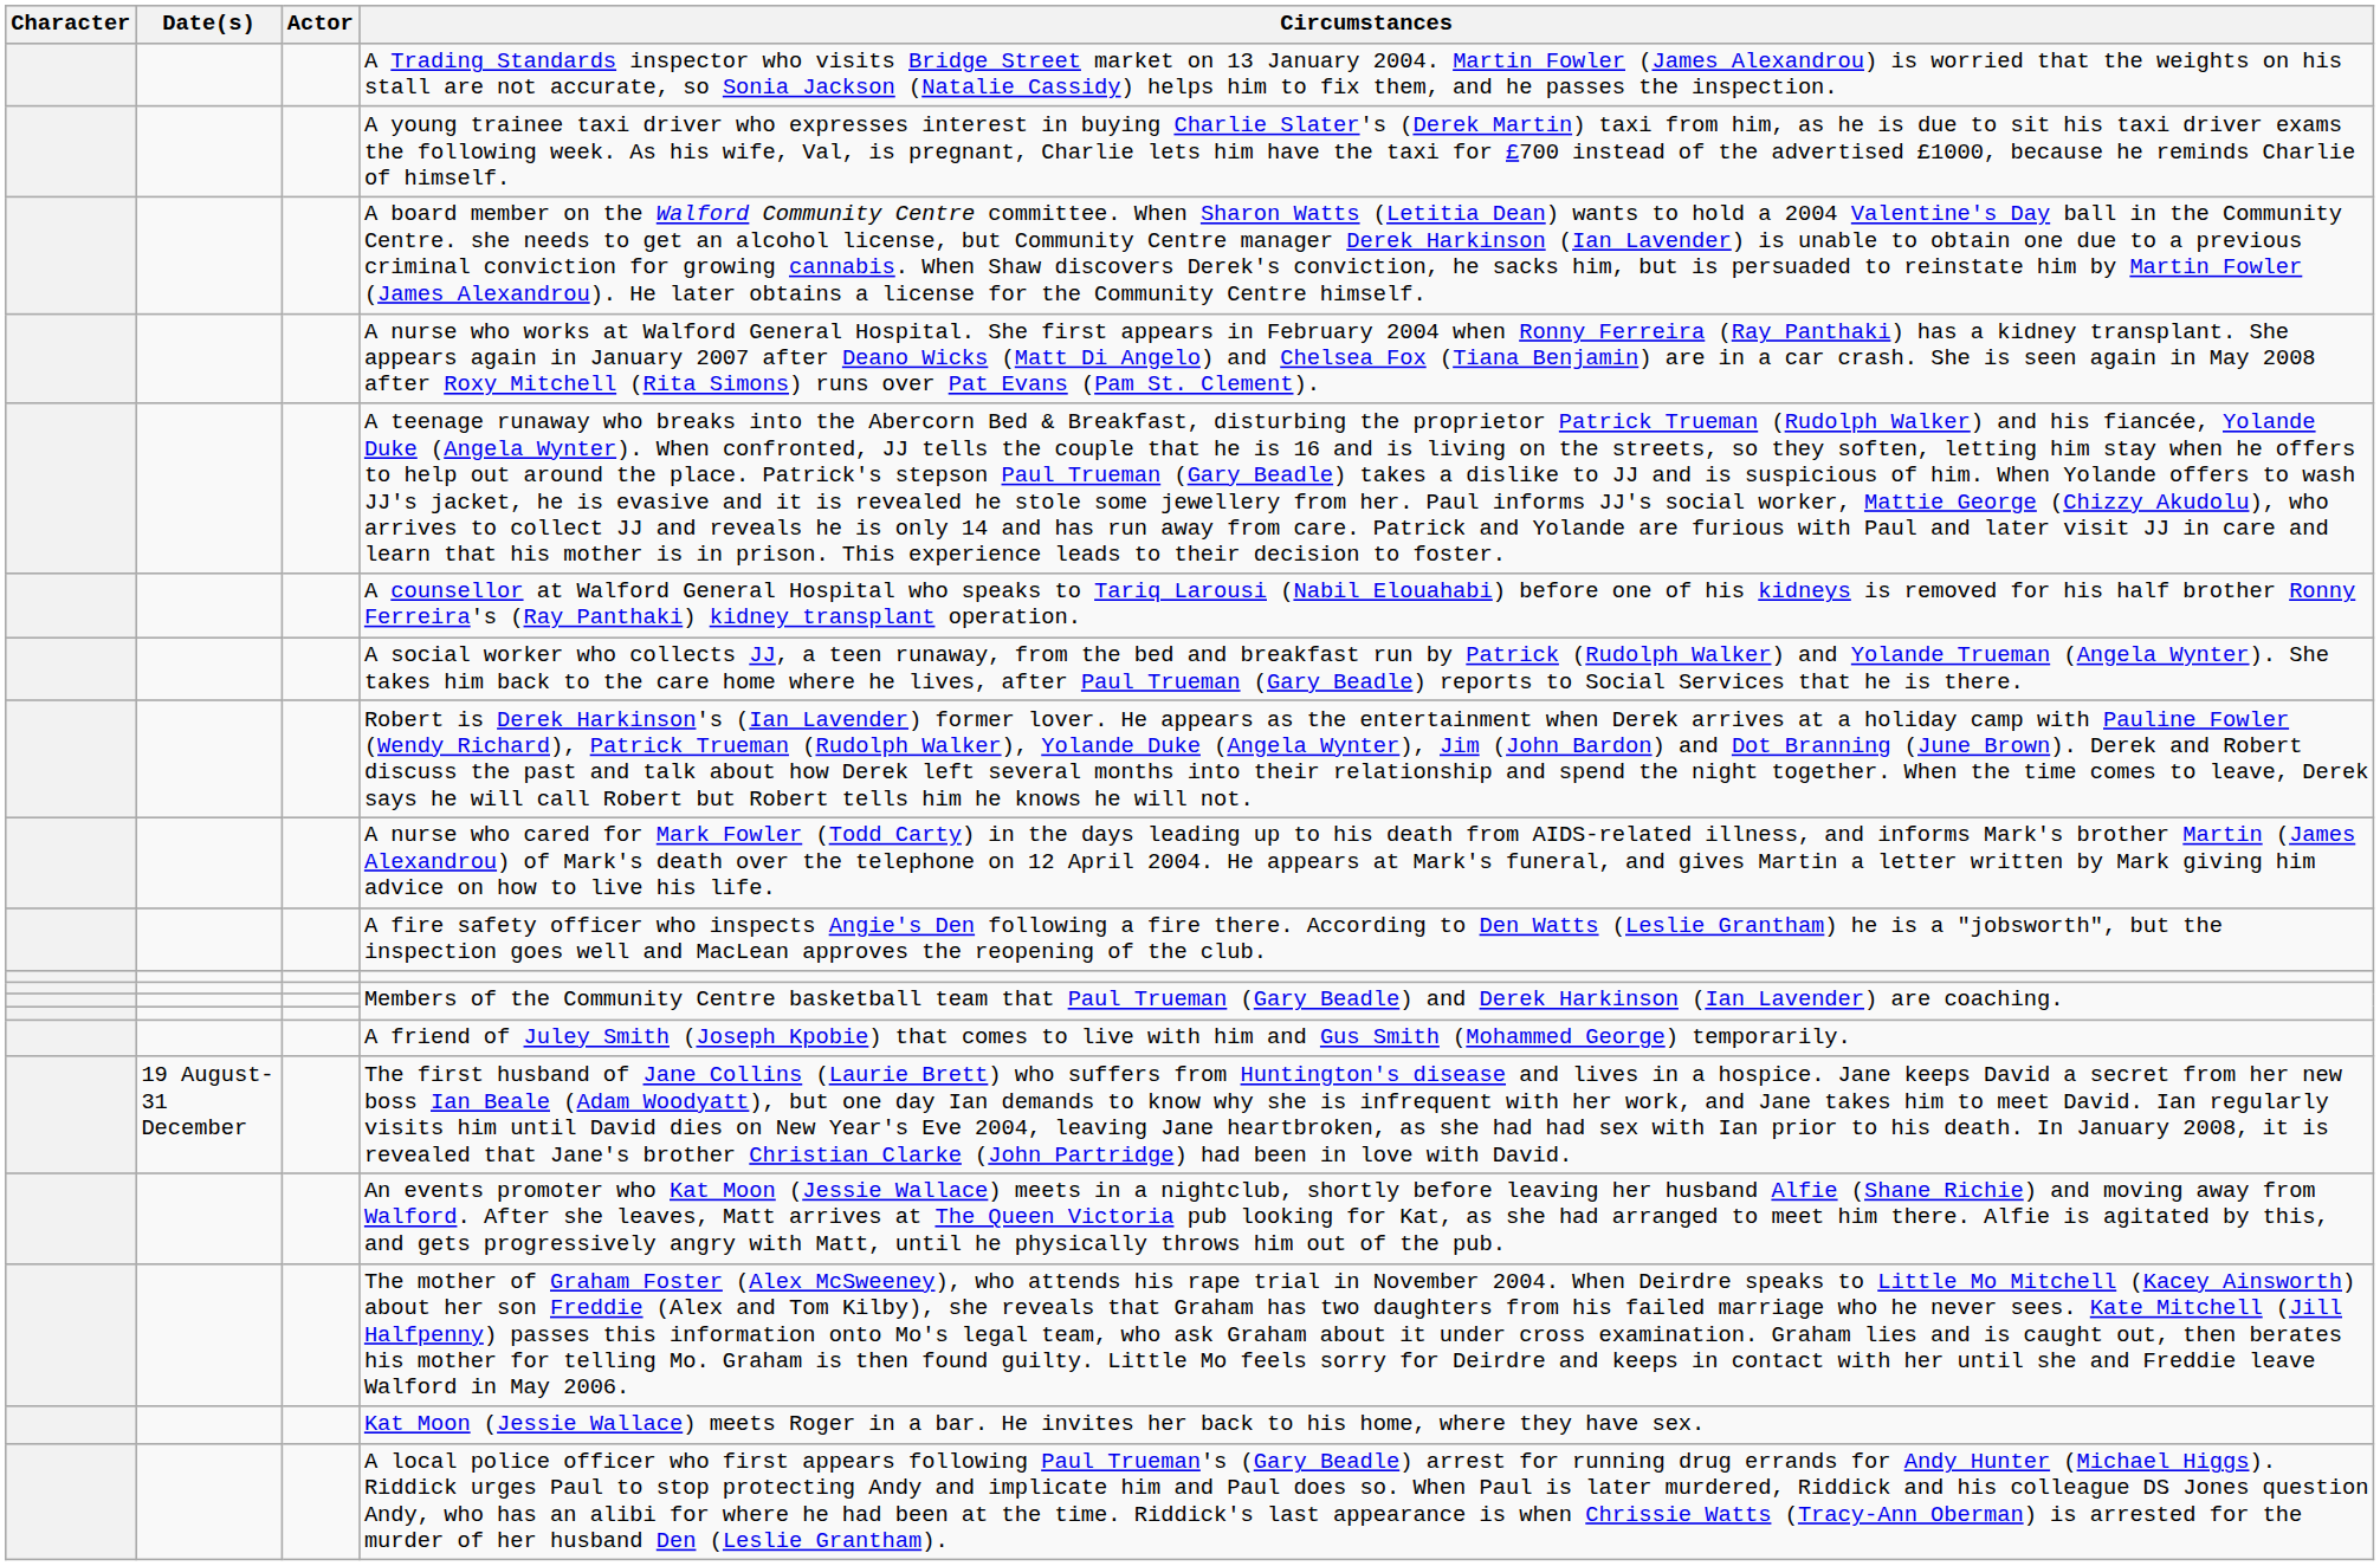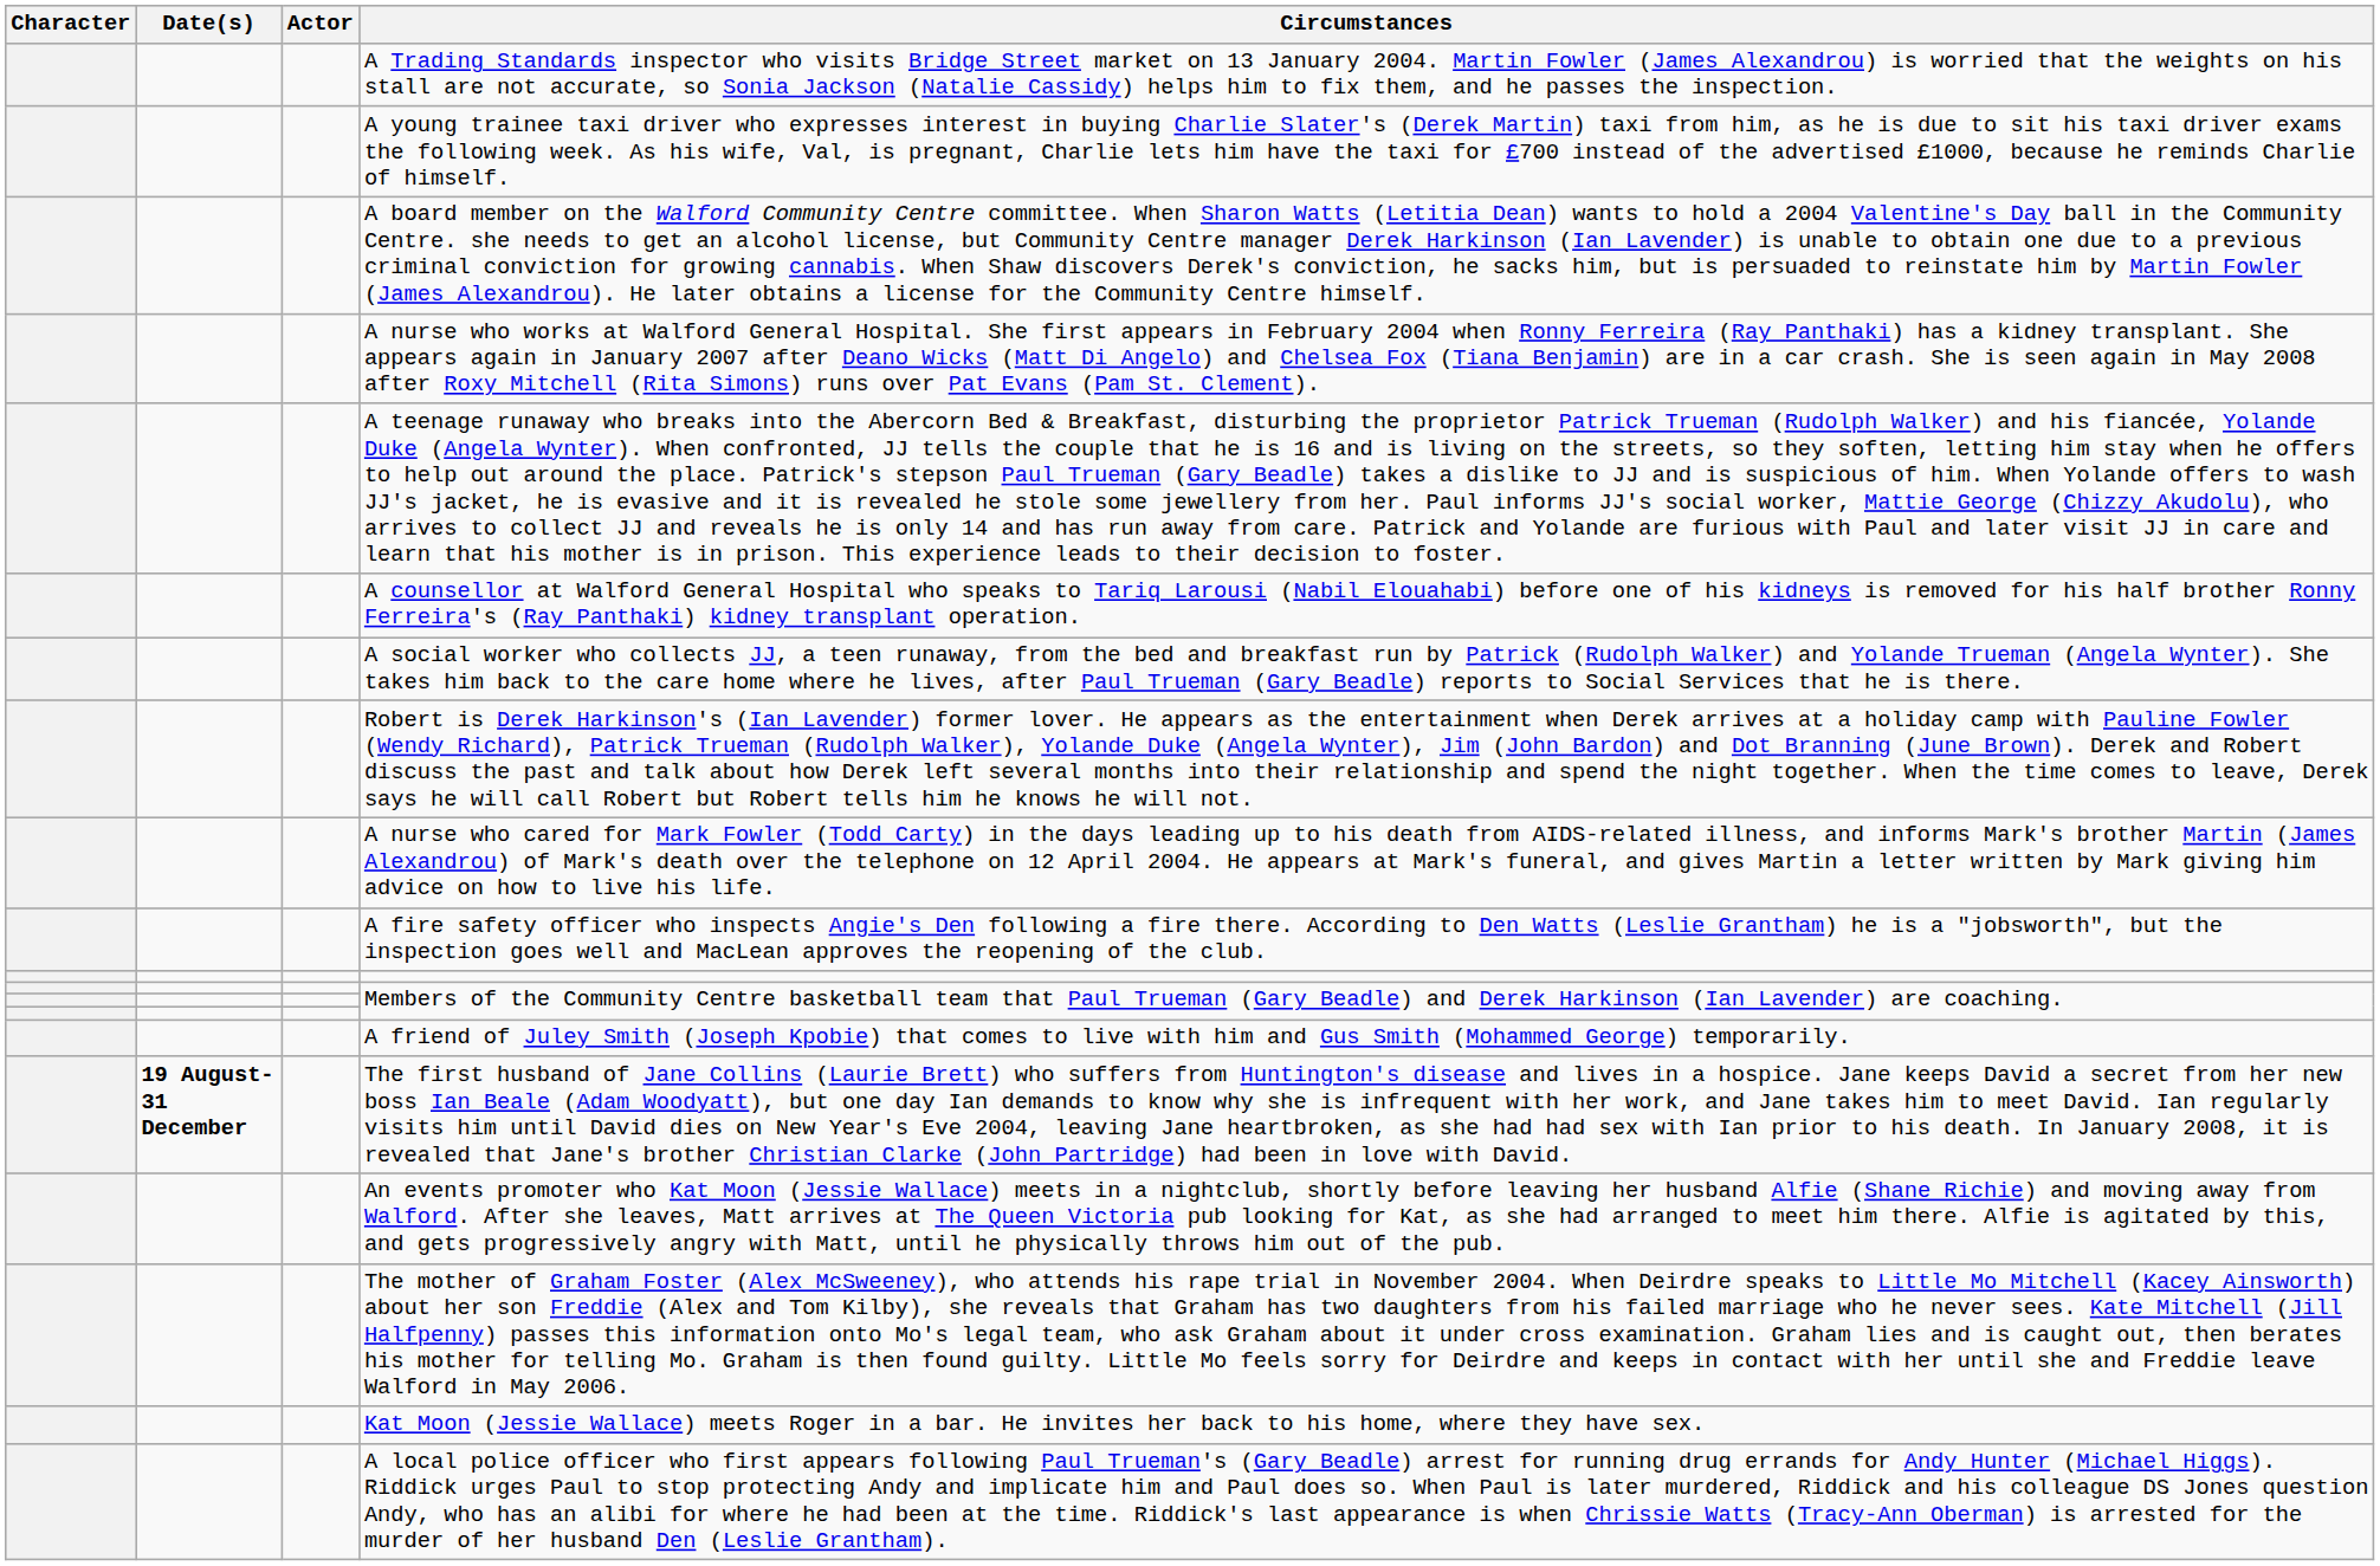 <table class="wikitable plainrowheaders" style="font-size:90%">
 <tr valign="top">
 <th scope="col">Character</th>
 <th scope="col">Date(s)</th>
 <th scope="col">Actor</th>
 <th scope="col">Circumstances</th>
 </tr>
 <tr valign="top">
 <th scope="row"></th>
 <td></td>
 <td></td>
 <td>A <a href='#'>Trading Standards</a> inspector who visits <a href='#'>Bridge Street</a> market on 13 January 2004. <a href='#'>Martin Fowler</a> (<a href='#'>James Alexandrou</a>) is worried that the weights on his stall are not accurate, so <a href='#'>Sonia Jackson</a> (<a href='#'>Natalie Cassidy</a>) helps him to fix them, and he passes the inspection.</td>
 </tr>
 <tr valign="top">
 <th scope="row"></th>
 <td></td>
 <td></td>
 <td>A young trainee taxi driver who expresses interest in buying <a href='#'>Charlie Slater</a>'s (<a href='#'>Derek Martin</a>) taxi from him, as he is due to sit his taxi driver exams the following week. As his wife, Val, is pregnant, Charlie lets him have the taxi for <a href='#'>£</a>700 instead of the advertised £1000, because he reminds Charlie of himself.</td>
 </tr>
 <tr valign="top">
 <th scope="row"></th>
 <td></td>
 <td></td>
 <td>A board member on the <em><a href='#'>Walford</a> Community Centre</em> committee. When <a href='#'>Sharon Watts</a> (<a href='#'>Letitia Dean</a>) wants to hold a 2004 <a href='#'>Valentine's Day</a> ball in the Community Centre. she needs to get an alcohol license, but Community Centre manager <a href='#'>Derek Harkinson</a> (<a href='#'>Ian Lavender</a>) is unable to obtain one due to a previous criminal conviction for growing <a href='#'>cannabis</a>. When Shaw discovers Derek's conviction, he sacks him, but is persuaded to reinstate him by <a href='#'>Martin Fowler</a> (<a href='#'>James Alexandrou</a>). He later obtains a license for the Community Centre himself.</td>
 </tr>
 <tr valign="top">
 <th scope="row"></th>
 <td></td>
 <td></td>
 <td>A nurse who works at Walford General Hospital. She first appears in February 2004 when <a href='#'>Ronny Ferreira</a> (<a href='#'>Ray Panthaki</a>) has a kidney transplant. She appears again in January 2007 after <a href='#'>Deano Wicks</a> (<a href='#'>Matt Di Angelo</a>) and <a href='#'>Chelsea Fox</a> (<a href='#'>Tiana Benjamin</a>) are in a car crash. She is seen again in May 2008 after <a href='#'>Roxy Mitchell</a> (<a href='#'>Rita Simons</a>) runs over <a href='#'>Pat Evans</a> (<a href='#'>Pam St. Clement</a>).</td>
 </tr>
 <tr valign="top">
 <th scope="row"></th>
 <td></td>
 <td></td>
 <td>A teenage runaway who breaks into the Abercorn Bed & Breakfast, disturbing the proprietor <a href='#'>Patrick Trueman</a> (<a href='#'>Rudolph Walker</a>) and his fiancée, <a href='#'>Yolande Duke</a> (<a href='#'>Angela Wynter</a>). When confronted, JJ tells the couple that he is 16 and is living on the streets, so they soften, letting him stay when he offers to help out around the place. Patrick's stepson <a href='#'>Paul Trueman</a> (<a href='#'>Gary Beadle</a>) takes a dislike to JJ and is suspicious of him. When Yolande offers to wash JJ's jacket, he is evasive and it is revealed he stole some jewellery from her. Paul informs JJ's social worker, <a href='#'>Mattie George</a> (<a href='#'>Chizzy Akudolu</a>), who arrives to collect JJ and reveals he is only 14 and has run away from care. Patrick and Yolande are furious with Paul and later visit JJ in care and learn that his mother is in prison. This experience leads to their decision to foster.</td>
 </tr>
 <tr valign="top">
 <th scope="row"></th>
 <td></td>
 <td></td>
 <td>A <a href='#'>counsellor</a> at Walford General Hospital who speaks to <a href='#'>Tariq Larousi</a> (<a href='#'>Nabil Elouahabi</a>) before one of his <a href='#'>kidneys</a> is removed for his half brother <a href='#'>Ronny Ferreira</a>'s (<a href='#'>Ray Panthaki</a>) <a href='#'>kidney transplant</a> operation.</td>
 </tr>
 <tr valign="top">
 <th scope="row"></th>
 <td></td>
 <td></td>
 <td>A social worker who collects <a href='#'>JJ</a>, a teen runaway, from the bed and breakfast run by <a href='#'>Patrick</a> (<a href='#'>Rudolph Walker</a>) and <a href='#'>Yolande Trueman</a> (<a href='#'>Angela Wynter</a>). She takes him back to the care home where he lives, after <a href='#'>Paul Trueman</a> (<a href='#'>Gary Beadle</a>) reports to Social Services that he is there.</td>
 </tr>
 <tr valign="top">
 <th scope="row"></th>
 <td></td>
 <td></td>
 <td>Robert is <a href='#'>Derek Harkinson</a>'s (<a href='#'>Ian Lavender</a>) former lover. He appears as the entertainment when Derek arrives at a holiday camp with <a href='#'>Pauline Fowler</a> (<a href='#'>Wendy Richard</a>), <a href='#'>Patrick Trueman</a> (<a href='#'>Rudolph Walker</a>), <a href='#'>Yolande Duke</a> (<a href='#'>Angela Wynter</a>), <a href='#'>Jim</a> (<a href='#'>John Bardon</a>) and <a href='#'>Dot Branning</a> (<a href='#'>June Brown</a>). Derek and Robert discuss the past and talk about how Derek left several months into their relationship and spend the night together. When the time comes to leave, Derek says he will call Robert but Robert tells him he knows he will not.</td>
 </tr>
 <tr valign="top">
 <th scope="row"></th>
 <td></td>
 <td></td>
 <td>A nurse who cared for <a href='#'>Mark Fowler</a> (<a href='#'>Todd Carty</a>) in the days leading up to his death from AIDS-related illness, and informs Mark's brother <a href='#'>Martin</a> (<a href='#'>James Alexandrou</a>) of Mark's death over the telephone on 12 April 2004. He appears at Mark's funeral, and gives Martin a letter written by Mark giving him advice on how to live his life.</td>
 </tr>
 <tr valign="top">
 <th scope="row"></th>
 <td></td>
 <td></td>
 <td>A fire safety officer who inspects <a href='#'>Angie's Den</a> following a fire there. According to <a href='#'>Den Watts</a> (<a href='#'>Leslie Grantham</a>) he is a "jobsworth", but the inspection goes well and MacLean approves the reopening of the club.</td>
 </tr>
 <tr valign="top">
 <th scope="row"></th>
 <td></td>
 <td></td>
 <td></td>
 </tr>
 <tr valign="top">
 <th scope="row"></th>
 <td></td>
 <td></td>
 <td rowspan="3">Members of the Community Centre basketball team that <a href='#'>Paul Trueman</a> (<a href='#'>Gary Beadle</a>) and <a href='#'>Derek Harkinson</a> (<a href='#'>Ian Lavender</a>) are coaching.</td>
 </tr>
 <tr valign="top">
 <th scope="row"></th>
 <td></td>
 <td></td>
 </tr>
 <tr valign="top">
 <th scope="row"></th>
 <td></td>
 <td></td>
 </tr>
 <tr valign="top">
 <th scope="row"></th>
 <td></td>
 <td></td>
 <td>A friend of <a href='#'>Juley Smith</a> (<a href='#'>Joseph Kpobie</a>) that comes to live with him and <a href='#'>Gus Smith</a> (<a href='#'>Mohammed George</a>) temporarily.</td>
 </tr>
 <tr valign="top">
 <th scope="row"></th>
-<td {{nowrap>19 August-31 December</td>
+<td {{nowrap><strong>19 August-31 December</strong></td>
 <td></td>
 <td>The first husband of <a href='#'>Jane Collins</a> (<a href='#'>Laurie Brett</a>) who suffers from <a href='#'>Huntington's disease</a> and lives in a hospice. Jane keeps David a secret from her new boss <a href='#'>Ian Beale</a> (<a href='#'>Adam Woodyatt</a>), but one day Ian demands to know why she is infrequent with her work, and Jane takes him to meet David. Ian regularly visits him until David dies on New Year's Eve 2004, leaving Jane heartbroken, as she had had sex with Ian prior to his death. In January 2008, it is revealed that Jane's brother <a href='#'>Christian Clarke</a> (<a href='#'>John Partridge</a>) had been in love with David.</td>
 </tr>
 <tr valign="top">
 <th scope="row"></th>
 <td></td>
 <td></td>
 <td>An events promoter who <a href='#'>Kat Moon</a> (<a href='#'>Jessie Wallace</a>) meets in a nightclub, shortly before leaving her husband <a href='#'>Alfie</a> (<a href='#'>Shane Richie</a>) and moving away from <a href='#'>Walford</a>. After she leaves, Matt arrives at <a href='#'>The Queen Victoria</a> pub looking for Kat, as she had arranged to meet him there. Alfie is agitated by this, and gets progressively angry with Matt, until he physically throws him out of the pub.</td>
 </tr>
 <tr valign="top">
 <th scope="row"></th>
 <td></td>
 <td></td>
 <td>The mother of <a href='#'>Graham Foster</a> (<a href='#'>Alex McSweeney</a>), who attends his rape trial in November 2004. When Deirdre speaks to <a href='#'>Little Mo Mitchell</a> (<a href='#'>Kacey Ainsworth</a>) about her son <a href='#'>Freddie</a> (Alex and Tom Kilby), she reveals that Graham has two daughters from his failed marriage who he never sees. <a href='#'>Kate Mitchell</a> (<a href='#'>Jill Halfpenny</a>) passes this information onto Mo's legal team, who ask Graham about it under cross examination. Graham lies and is caught out, then berates his mother for telling Mo. Graham is then found guilty. Little Mo feels sorry for Deirdre and keeps in contact with her until she and Freddie leave Walford in May 2006.</td>
 </tr>
 <tr valign="top">
 <th scope="row"></th>
 <td></td>
 <td></td>
 <td><a href='#'>Kat Moon</a> (<a href='#'>Jessie Wallace</a>) meets Roger in a bar. He invites her back to his home, where they have sex.</td>
 </tr>
 <tr valign="top">
 <th scope="row"></th>
 <td></td>
 <td></td>
 <td>A local police officer who first appears following <a href='#'>Paul Trueman</a>'s (<a href='#'>Gary Beadle</a>) arrest for running drug errands for <a href='#'>Andy Hunter</a> (<a href='#'>Michael Higgs</a>). Riddick urges Paul to stop protecting Andy and implicate him and Paul does so. When Paul is later murdered, Riddick and his colleague DS Jones question Andy, who has an alibi for where he had been at the time. Riddick's last appearance is when <a href='#'>Chrissie Watts</a> (<a href='#'>Tracy-Ann Oberman</a>) is arrested for the murder of her husband <a href='#'>Den</a> (<a href='#'>Leslie Grantham</a>).</td>
 </tr>
 </table>
